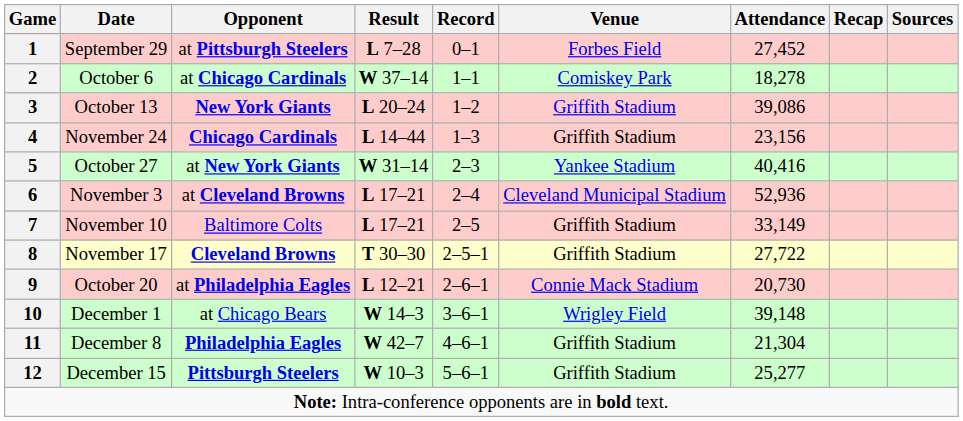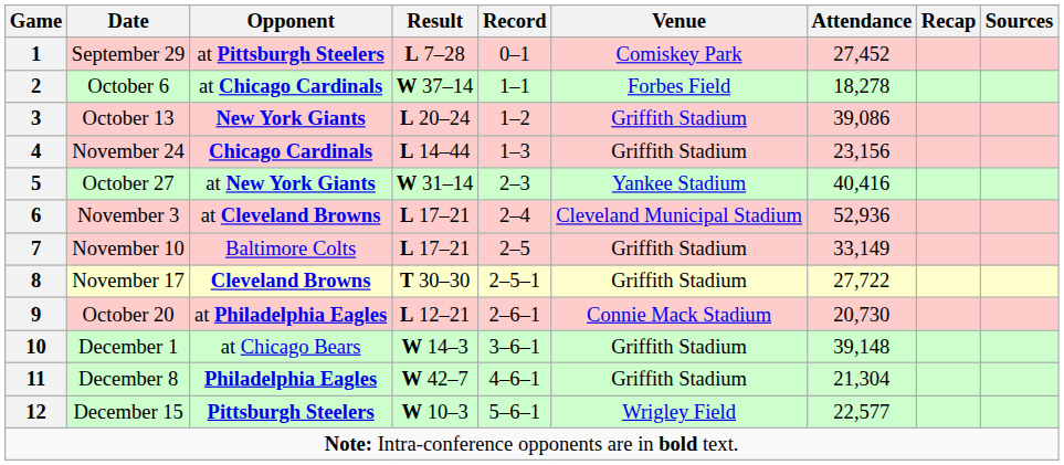 <table class="wikitable" style="text-align:center">
 <tr>
 <th>Game</th>
 <th>Date</th>
 <th>Opponent</th>
 <th>Result</th>
 <th>Record</th>
 <th>Venue</th>
 <th>Attendance</th>
 <th>Recap</th>
 <th>Sources</th>
 </tr>
 <tr style="background:#fcc">
 <th>1</th>
 <td>September 29</td>
 <td>at <strong><a href='#'>Pittsburgh Steelers</a></strong></td>
 <td><strong>L</strong> 7–28</td>
 <td>0–1</td>
-<td><a href='#'>Forbes Field</a></td>
+<td><a href='#'>Comiskey Park</a></td>
 <td>27,452</td>
 <td></td>
 <td></td>
 </tr>
 <tr style="background:#cfc">
 <th>2</th>
 <td>October 6</td>
 <td>at <strong><a href='#'>Chicago Cardinals</a></strong></td>
 <td><strong>W</strong> 37–14</td>
 <td>1–1</td>
-<td><a href='#'>Comiskey Park</a></td>
+<td><a href='#'>Forbes Field</a></td>
 <td>18,278</td>
 <td></td>
 <td></td>
 </tr>
 <tr style="background:#fcc">
 <th>3</th>
 <td>October 13</td>
 <td><strong><a href='#'>New York Giants</a></strong></td>
 <td><strong>L</strong> 20–24</td>
 <td>1–2</td>
 <td><a href='#'>Griffith Stadium</a></td>
 <td>39,086</td>
 <td></td>
 <td></td>
 </tr>
 <tr style="background:#fcc">
 <th>4</th>
 <td>November 24</td>
 <td><strong><a href='#'>Chicago Cardinals</a></strong></td>
 <td><strong>L</strong> 14–44</td>
 <td>1–3</td>
 <td>Griffith Stadium</td>
 <td>23,156</td>
 <td></td>
 <td></td>
 </tr>
 <tr style="background:#cfc">
 <th>5</th>
 <td>October 27</td>
 <td>at <strong><a href='#'>New York Giants</a></strong></td>
 <td><strong>W</strong> 31–14</td>
 <td>2–3</td>
 <td><a href='#'>Yankee Stadium</a></td>
 <td>40,416</td>
 <td></td>
 <td></td>
 </tr>
 <tr style="background:#fcc">
 <th>6</th>
 <td>November 3</td>
 <td>at <strong><a href='#'>Cleveland Browns</a></strong></td>
 <td><strong>L</strong> 17–21</td>
 <td>2–4</td>
 <td><a href='#'>Cleveland Municipal Stadium</a></td>
 <td>52,936</td>
 <td></td>
 <td></td>
 </tr>
 <tr style="background:#fcc">
 <th>7</th>
 <td>November 10</td>
 <td><a href='#'>Baltimore Colts</a></td>
 <td><strong>L</strong> 17–21</td>
 <td>2–5</td>
 <td>Griffith Stadium</td>
 <td>33,149</td>
 <td></td>
 <td></td>
 </tr>
 <tr style="background:#ffc">
 <th>8</th>
 <td>November 17</td>
 <td><strong><a href='#'>Cleveland Browns</a></strong></td>
 <td><strong>T</strong> 30–30</td>
 <td>2–5–1</td>
 <td>Griffith Stadium</td>
 <td>27,722</td>
 <td></td>
 <td></td>
 </tr>
 <tr style="background:#fcc">
 <th>9</th>
 <td>October 20</td>
 <td>at <strong><a href='#'>Philadelphia Eagles</a></strong></td>
 <td><strong>L</strong> 12–21</td>
 <td>2–6–1</td>
 <td><a href='#'>Connie Mack Stadium</a></td>
 <td>20,730</td>
 <td></td>
 <td></td>
 </tr>
 <tr style="background:#cfc">
 <th>10</th>
 <td>December 1</td>
 <td>at <a href='#'>Chicago Bears</a></td>
 <td><strong>W</strong> 14–3</td>
 <td>3–6–1</td>
-<td><a href='#'>Wrigley Field</a></td>
+<td>Griffith Stadium</td>
 <td>39,148</td>
 <td></td>
 <td></td>
 </tr>
 <tr style="background:#cfc">
 <th>11</th>
 <td>December 8</td>
 <td><strong><a href='#'>Philadelphia Eagles</a></strong></td>
 <td><strong>W</strong> 42–7</td>
 <td>4–6–1</td>
 <td>Griffith Stadium</td>
 <td>21,304</td>
 <td></td>
 <td></td>
 </tr>
 <tr style="background:#cfc">
 <th>12</th>
 <td>December 15</td>
 <td><strong><a href='#'>Pittsburgh Steelers</a></strong></td>
 <td><strong>W</strong> 10–3</td>
 <td>5–6–1</td>
-<td>Griffith Stadium</td>
-<td>25,277</td>
+<td><a href='#'>Wrigley Field</a></td>
+<td>22,577</td>
 <td></td>
 <td></td>
 </tr>
 <tr>
 <td colspan="10"><strong>Note:</strong> Intra-conference opponents are in <strong>bold</strong> text.</td>
 </tr>
 </table>
